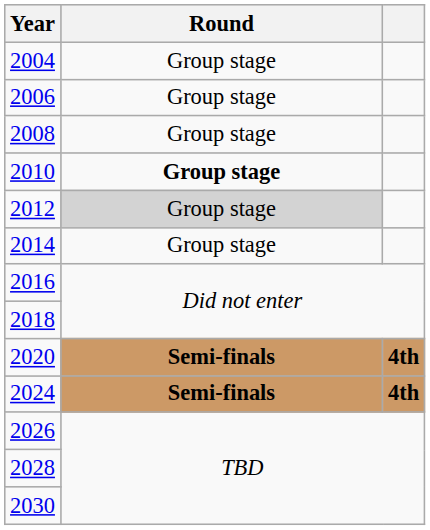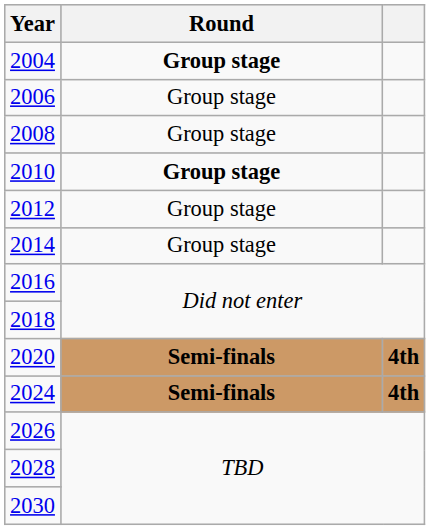 <table class="wikitable" style="text-align: center; font-size:90%">
 <tr>
 <th>Year</th>
 <th style="width:200px">Round</th>
 <th></th>
 </tr>
 <tr>
 <td><a href='#'>2004</a></td>
-<td>Group stage</td>
+<td><strong>Group stage</strong></td>
 <td></td>
 </tr>
 <tr>
 <td><a href='#'>2006</a></td>
 <td>Group stage</td>
 <td></td>
 </tr>
 <tr>
 <td><a href='#'>2008</a></td>
 <td>Group stage</td>
 <td></td>
 </tr>
 <tr>
 <td><a href='#'>2010</a></td>
 <td><strong>Group stage</strong></td>
 <td></td>
 </tr>
 <tr>
 <td><a href='#'>2012</a></td>
-<td style="background: lightgrey;">Group stage</td>
+<td>Group stage</td>
 <td></td>
 </tr>
 <tr>
 <td><a href='#'>2014</a></td>
 <td>Group stage</td>
 <td></td>
 </tr>
 <tr>
 <td><a href='#'>2016</a></td>
 <td colspan="2" rowspan="2"><em>Did not enter</em></td>
 </tr>
 <tr>
 <td><a href='#'>2018</a></td>
 </tr>
 <tr>
 <td><a href='#'>2020</a></td>
 <td bgcolor="cc9966"><strong>Semi-finals</strong></td>
 <td bgcolor="cc9966"><strong>4th</strong></td>
 </tr>
 <tr>
 <td><a href='#'>2024</a></td>
 <td bgcolor="cc9966"><strong>Semi-finals</strong></td>
 <td bgcolor="cc9966"><strong>4th</strong></td>
 </tr>
 <tr>
 <td><a href='#'>2026</a></td>
 <td colspan="2" rowspan="3"><em>TBD</em></td>
 </tr>
 <tr>
 <td><a href='#'>2028</a></td>
 </tr>
 <tr>
 <td><a href='#'>2030</a></td>
 </tr>
 </table>
